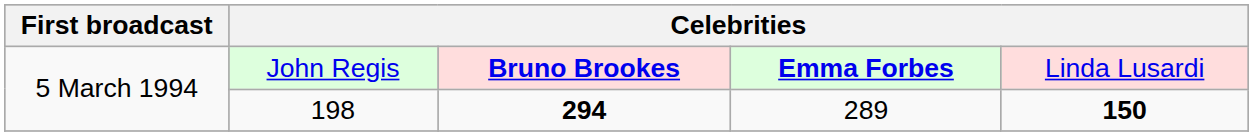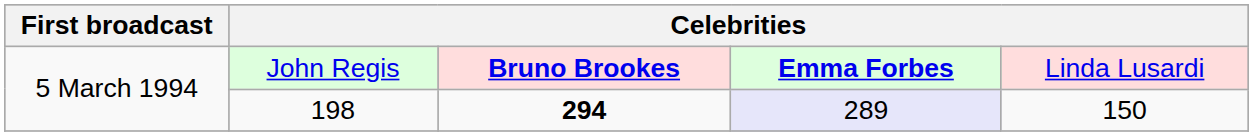 <table class="wikitable" width="750px" style="text-align:center;">
 <tr>
 <th width="18%">First broadcast</th>
 <th colspan="4">Celebrities</th>
 </tr>
 <tr>
 <td rowspan="2">5 March 1994</td>
 <td bgcolor="ddffdd"><a href='#'>John Regis</a></td>
 <td bgcolor="ffdddd"><strong><a href='#'>Bruno Brookes</a></strong></td>
 <td bgcolor="ddffdd"><strong><a href='#'>Emma Forbes</a></strong></td>
 <td bgcolor="ffdddd"><a href='#'>Linda Lusardi</a></td>
 </tr>
 <tr>
 <td>198</td>
 <td><strong>294</strong></td>
-<td>289</td>
-<td><strong>150</strong></td>
+<td style="background: lavender;">289</td>
+<td>150</td>
 </tr>
 </table>
